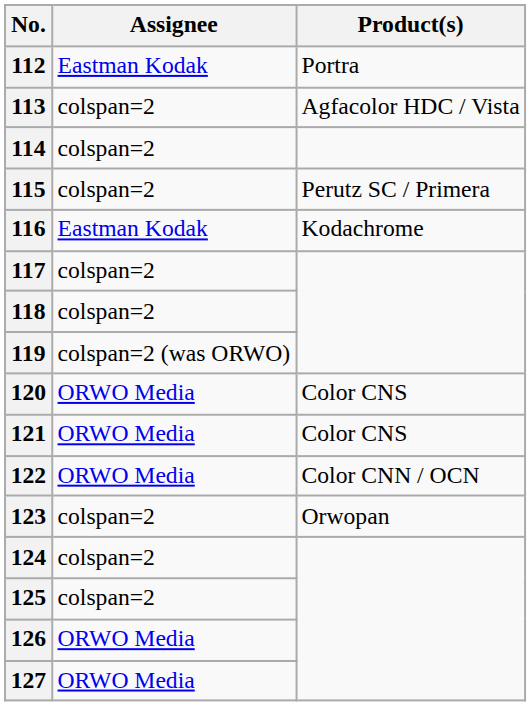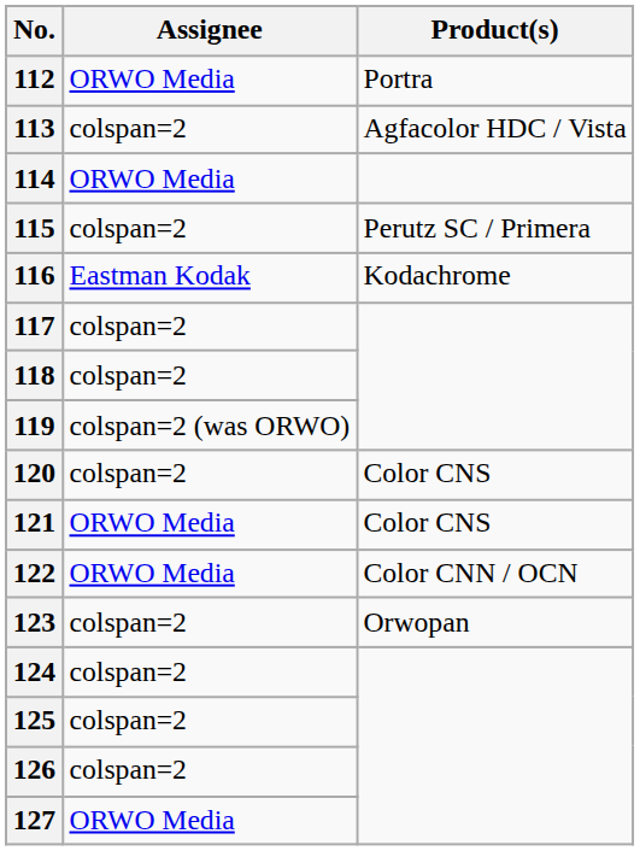 <table class="wikitable" style="font-size:75%;text-align:left;">
 <tr>
 <th>No.</th>
 <th>Assignee</th>
 <th>Product(s)</th>
 </tr>
 <tr>
 <th>112</th>
-<td><a href='#'>Eastman Kodak</a></td>
+<td><a href='#'>ORWO Media</a></td>
 <td>Portra</td>
 </tr>
 <tr>
 <th>113</th>
 <td>colspan=2 </td>
 <td>Agfacolor HDC / Vista</td>
 </tr>
 <tr>
 <th>114</th>
-<td>colspan=2 </td>
+<td><a href='#'>ORWO Media</a></td>
 </tr>
 <tr>
 <th>115</th>
 <td>colspan=2 </td>
 <td>Perutz SC / Primera</td>
 </tr>
 <tr>
 <th>116</th>
 <td><a href='#'>Eastman Kodak</a></td>
 <td>Kodachrome</td>
 </tr>
 <tr>
 <th>117</th>
 <td>colspan=2 </td>
 </tr>
 <tr>
 <th>118</th>
 <td>colspan=2 </td>
 </tr>
 <tr>
 <th>119</th>
 <td>colspan=2  (was ORWO)</td>
 </tr>
 <tr>
 <th>120</th>
-<td><a href='#'>ORWO Media</a></td>
+<td>colspan=2 </td>
 <td>Color CNS</td>
 </tr>
 <tr>
 <th>121</th>
 <td><a href='#'>ORWO Media</a></td>
 <td>Color CNS</td>
 </tr>
 <tr>
 <th>122</th>
 <td><a href='#'>ORWO Media</a></td>
 <td>Color CNN / OCN</td>
 </tr>
 <tr>
 <th>123</th>
 <td>colspan=2 </td>
 <td>Orwopan</td>
 </tr>
 <tr>
 <th>124</th>
 <td>colspan=2 </td>
 </tr>
 <tr>
 <th>125</th>
 <td>colspan=2 </td>
 </tr>
 <tr>
 <th>126</th>
-<td><a href='#'>ORWO Media</a></td>
+<td>colspan=2 </td>
 </tr>
 <tr>
 <th>127</th>
 <td><a href='#'>ORWO Media</a></td>
 </tr>
 </table>
